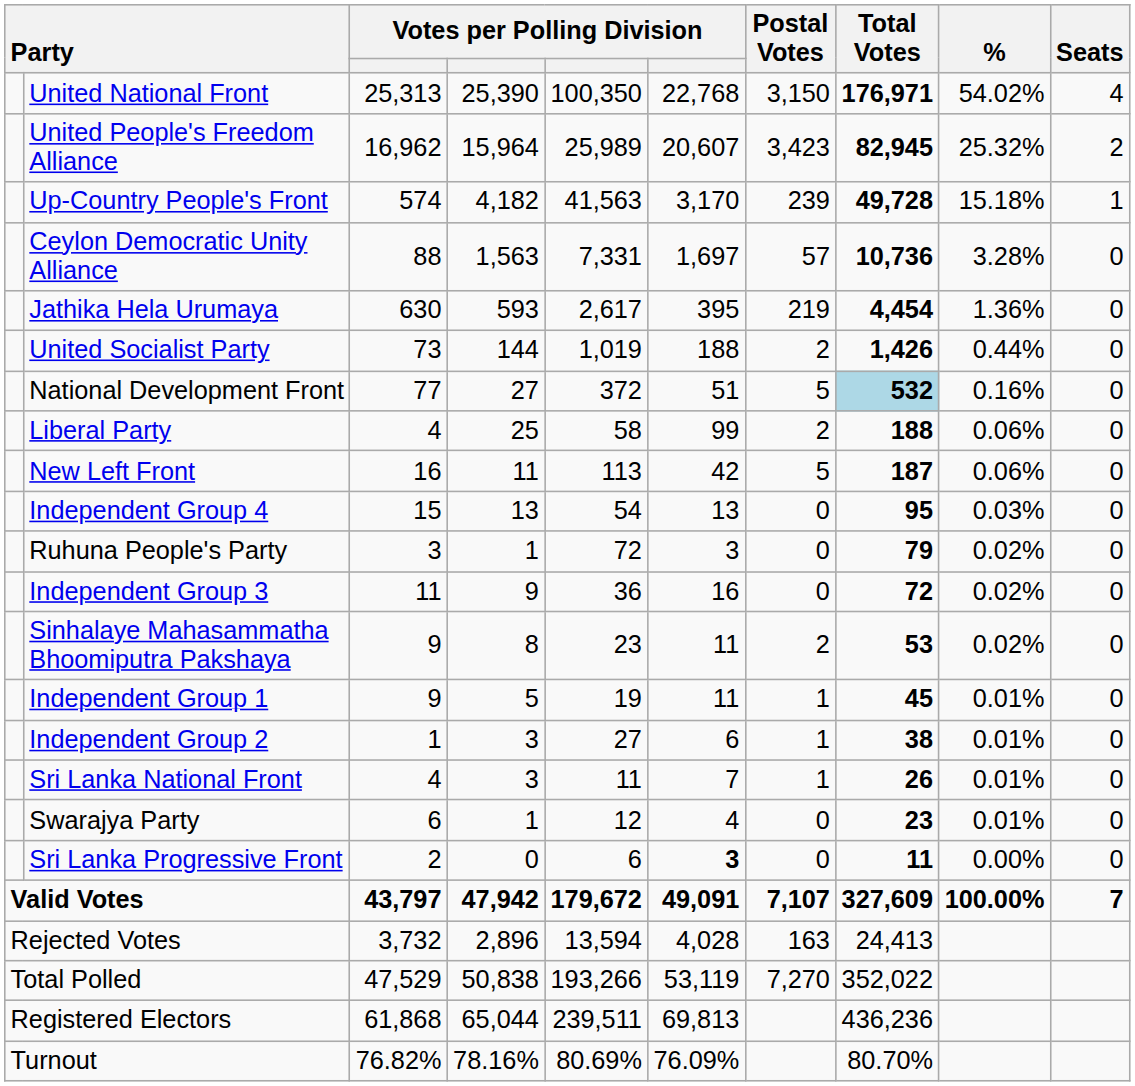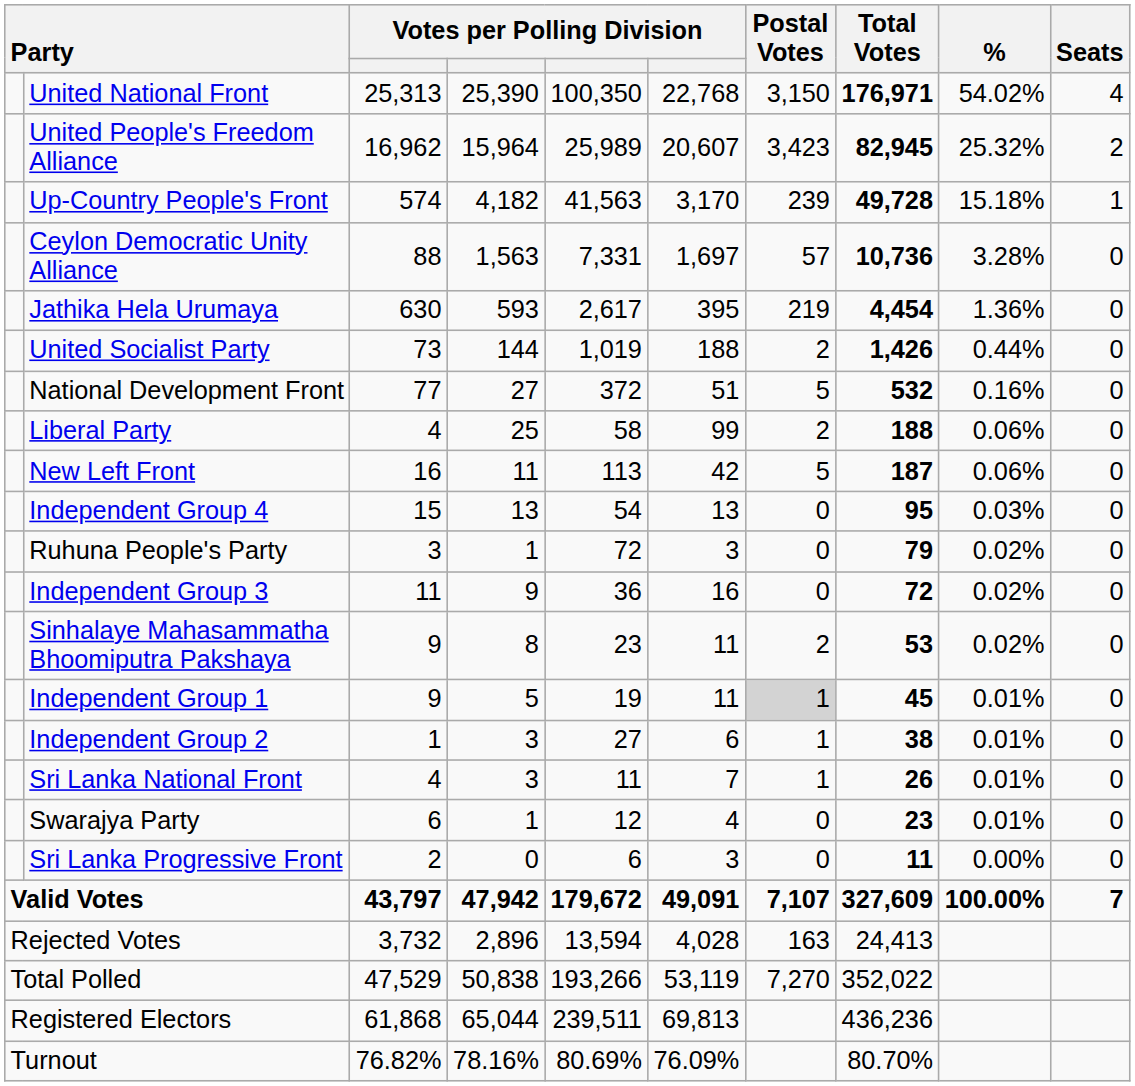 <table class="wikitable" border="1" style="text-align:right;">
 <tr>
 <th style="text-align:left; vertical-align:bottom;" rowspan="2" colspan="2">Party</th>
 <th colspan=4>Votes per Polling Division</th>
 <th rowspan="2" style="vertical-align:bottom; text-align:center; width:50px;">Postal<br>Votes</th>
 <th rowspan="2" style="vertical-align:bottom; text-align:center; width:50px;">Total Votes</th>
 <th rowspan="2" style="vertical-align:bottom; text-align:center; width:50px;">%</th>
 <th rowspan="2" style="vertical-align:bottom; text-align:center; width:40px;">Seats</th>
 </tr>
 <tr>
 <th></th>
 <th></th>
 <th></th>
 <th></th>
 </tr>
 <tr>
 <td bgcolor=> </td>
 <td align=left><a href='#'>United National Front</a></td>
 <td>25,313</td>
 <td>25,390</td>
 <td>100,350</td>
 <td>22,768</td>
 <td>3,150</td>
 <td><strong>176,971</strong></td>
 <td>54.02%</td>
 <td>4</td>
 </tr>
 <tr>
 <td bgcolor=> </td>
 <td align=left><a href='#'>United People's Freedom<br>Alliance</a></td>
 <td>16,962</td>
 <td>15,964</td>
 <td>25,989</td>
 <td>20,607</td>
 <td>3,423</td>
 <td><strong>82,945</strong></td>
 <td>25.32%</td>
 <td>2</td>
 </tr>
 <tr>
 <td bgcolor=> </td>
 <td align=left><a href='#'>Up-Country People's Front</a></td>
 <td>574</td>
 <td>4,182</td>
 <td>41,563</td>
 <td>3,170</td>
 <td>239</td>
 <td><strong>49,728</strong></td>
 <td>15.18%</td>
 <td>1</td>
 </tr>
 <tr>
 <td bgcolor=> </td>
 <td align=left><a href='#'>Ceylon Democratic Unity<br>Alliance</a></td>
 <td>88</td>
 <td>1,563</td>
 <td>7,331</td>
 <td>1,697</td>
 <td>57</td>
 <td><strong>10,736</strong></td>
 <td>3.28%</td>
 <td>0</td>
 </tr>
 <tr>
 <td bgcolor=> </td>
 <td align=left><a href='#'>Jathika Hela Urumaya</a></td>
 <td>630</td>
 <td>593</td>
 <td>2,617</td>
 <td>395</td>
 <td>219</td>
 <td><strong>4,454</strong></td>
 <td>1.36%</td>
 <td>0</td>
 </tr>
 <tr>
 <td bgcolor=> </td>
 <td align=left><a href='#'>United Socialist Party</a></td>
 <td>73</td>
 <td>144</td>
 <td>1,019</td>
 <td>188</td>
 <td>2</td>
 <td><strong>1,426</strong></td>
 <td>0.44%</td>
 <td>0</td>
 </tr>
 <tr>
 <td bgcolor=> </td>
 <td align=left>National Development Front</td>
 <td>77</td>
 <td>27</td>
 <td>372</td>
 <td>51</td>
 <td>5</td>
-<td style="background: lightblue;"><strong>532</strong></td>
+<td><strong>532</strong></td>
 <td>0.16%</td>
 <td>0</td>
 </tr>
 <tr>
 <td bgcolor=> </td>
 <td align=left><a href='#'>Liberal Party</a></td>
 <td>4</td>
 <td>25</td>
 <td>58</td>
 <td>99</td>
 <td>2</td>
 <td><strong>188</strong></td>
 <td>0.06%</td>
 <td>0</td>
 </tr>
 <tr>
 <td bgcolor=> </td>
 <td align=left><a href='#'>New Left Front</a></td>
 <td>16</td>
 <td>11</td>
 <td>113</td>
 <td>42</td>
 <td>5</td>
 <td><strong>187</strong></td>
 <td>0.06%</td>
 <td>0</td>
 </tr>
 <tr>
 <td bgcolor=> </td>
 <td align=left><a href='#'>Independent Group 4</a></td>
 <td>15</td>
 <td>13</td>
 <td>54</td>
 <td>13</td>
 <td>0</td>
 <td><strong>95</strong></td>
 <td>0.03%</td>
 <td>0</td>
 </tr>
 <tr>
 <td bgcolor=> </td>
 <td align=left>Ruhuna People's Party</td>
 <td>3</td>
 <td>1</td>
 <td>72</td>
 <td>3</td>
 <td>0</td>
 <td><strong>79</strong></td>
 <td>0.02%</td>
 <td>0</td>
 </tr>
 <tr>
 <td bgcolor=> </td>
 <td align=left><a href='#'>Independent Group 3</a></td>
 <td>11</td>
 <td>9</td>
 <td>36</td>
 <td>16</td>
 <td>0</td>
 <td><strong>72</strong></td>
 <td>0.02%</td>
 <td>0</td>
 </tr>
 <tr>
 <td bgcolor=> </td>
 <td align=left><a href='#'>Sinhalaye Mahasammatha<br>Bhoomiputra Pakshaya</a></td>
 <td>9</td>
 <td>8</td>
 <td>23</td>
 <td>11</td>
 <td>2</td>
 <td><strong>53</strong></td>
 <td>0.02%</td>
 <td>0</td>
 </tr>
 <tr>
 <td bgcolor=> </td>
 <td align=left><a href='#'>Independent Group 1</a></td>
 <td>9</td>
 <td>5</td>
 <td>19</td>
 <td>11</td>
-<td>1</td>
+<td style="background: lightgrey;">1</td>
 <td><strong>45</strong></td>
 <td>0.01%</td>
 <td>0</td>
 </tr>
 <tr>
 <td bgcolor=> </td>
 <td align=left><a href='#'>Independent Group 2</a></td>
 <td>1</td>
 <td>3</td>
 <td>27</td>
 <td>6</td>
 <td>1</td>
 <td><strong>38</strong></td>
 <td>0.01%</td>
 <td>0</td>
 </tr>
 <tr>
 <td bgcolor=> </td>
 <td align=left><a href='#'>Sri Lanka National Front</a></td>
 <td>4</td>
 <td>3</td>
 <td>11</td>
 <td>7</td>
 <td>1</td>
 <td><strong>26</strong></td>
 <td>0.01%</td>
 <td>0</td>
 </tr>
 <tr>
 <td bgcolor=> </td>
 <td align=left>Swarajya Party</td>
 <td>6</td>
 <td>1</td>
 <td>12</td>
 <td>4</td>
 <td>0</td>
 <td><strong>23</strong></td>
 <td>0.01%</td>
 <td>0</td>
 </tr>
 <tr>
 <td bgcolor=> </td>
 <td align=left><a href='#'>Sri Lanka Progressive Front</a></td>
 <td>2</td>
 <td>0</td>
 <td>6</td>
-<td><strong>3</strong></td>
+<td>3</td>
 <td>0</td>
 <td><strong>11</strong></td>
 <td>0.00%</td>
 <td>0</td>
 </tr>
 <tr>
 <td align=left colspan="2"><strong>Valid Votes</strong></td>
 <td><strong>43,797</strong></td>
 <td><strong>47,942</strong></td>
 <td><strong>179,672</strong></td>
 <td><strong>49,091</strong></td>
 <td><strong>7,107</strong></td>
 <td><strong>327,609</strong></td>
 <td><strong>100.00%</strong></td>
 <td><strong>7</strong></td>
 </tr>
 <tr>
 <td align=left colspan="2">Rejected Votes</td>
 <td>3,732</td>
 <td>2,896</td>
 <td>13,594</td>
 <td>4,028</td>
 <td>163</td>
 <td>24,413</td>
 <td></td>
 <td></td>
 </tr>
 <tr>
 <td align=left colspan="2">Total Polled</td>
 <td>47,529</td>
 <td>50,838</td>
 <td>193,266</td>
 <td>53,119</td>
 <td>7,270</td>
 <td>352,022</td>
 <td></td>
 <td></td>
 </tr>
 <tr>
 <td align=left colspan="2">Registered Electors</td>
 <td>61,868</td>
 <td>65,044</td>
 <td>239,511</td>
 <td>69,813</td>
 <td></td>
 <td>436,236</td>
 <td></td>
 <td></td>
 </tr>
 <tr>
 <td align=left colspan="2">Turnout</td>
 <td>76.82%</td>
 <td>78.16%</td>
 <td>80.69%</td>
 <td>76.09%</td>
 <td></td>
 <td>80.70%</td>
 <td></td>
 <td></td>
 </tr>
 </table>
